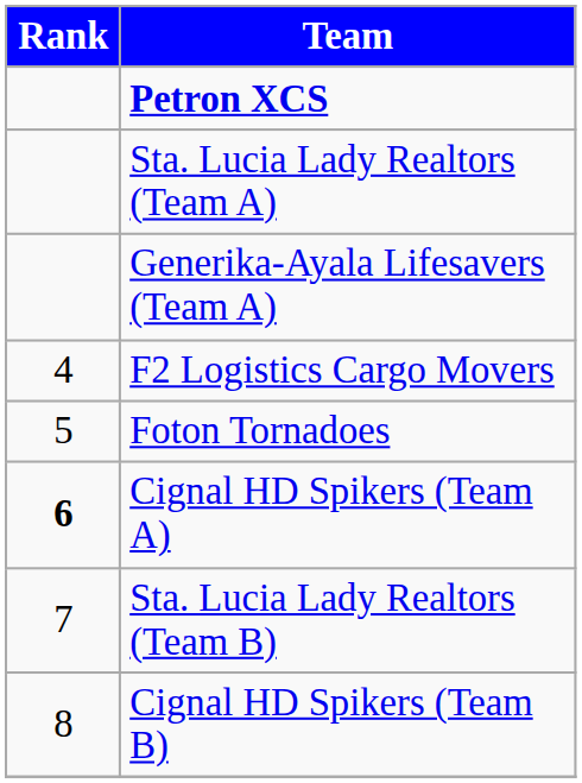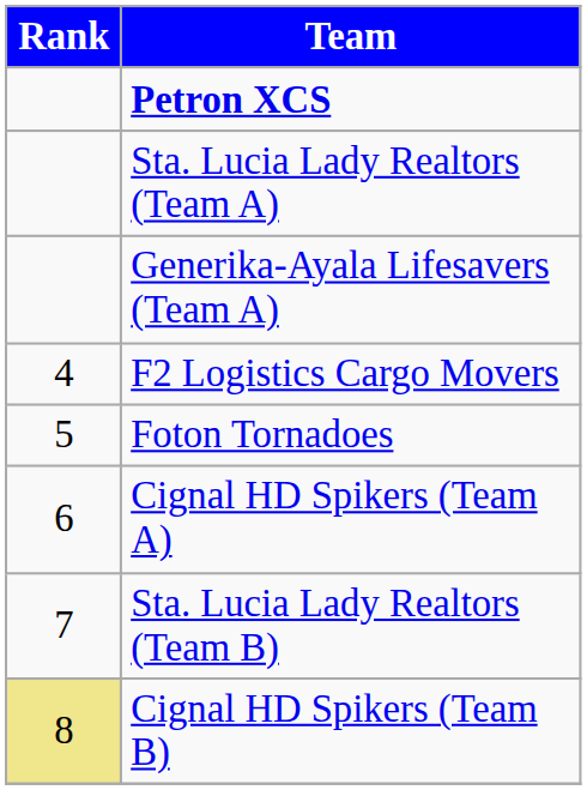 <table class="wikitable" style="text-align: center;">
 <tr>
 <th width=40 style="background:blue; color:white;">Rank</th>
 <th width=180 style="background:blue; color:white;">Team</th>
 </tr>
 <tr>
 <td></td>
 <td align="left"><strong><a href='#'>Petron XCS</a></strong></td>
 </tr>
 <tr>
 <td></td>
 <td align="left"><a href='#'>Sta. Lucia Lady Realtors (Team A)</a></td>
 </tr>
 <tr>
 <td></td>
 <td align="left"><a href='#'>Generika-Ayala Lifesavers (Team A)</a></td>
 </tr>
 <tr>
 <td>4</td>
 <td align="left"><a href='#'>F2 Logistics Cargo Movers</a></td>
 </tr>
 <tr>
 <td>5</td>
 <td align="left"><a href='#'>Foton Tornadoes</a></td>
 </tr>
 <tr>
-<td><strong>6</strong></td>
+<td>6</td>
 <td align="left"><a href='#'>Cignal HD Spikers (Team A)</a></td>
 </tr>
 <tr>
 <td>7</td>
 <td align="left"><a href='#'>Sta. Lucia Lady Realtors (Team B)</a></td>
 </tr>
 <tr>
-<td>8</td>
+<td style="background: khaki;">8</td>
 <td align="left"><a href='#'>Cignal HD Spikers (Team B)</a></td>
 </tr>
 <tr>
 </tr>
 </table>
